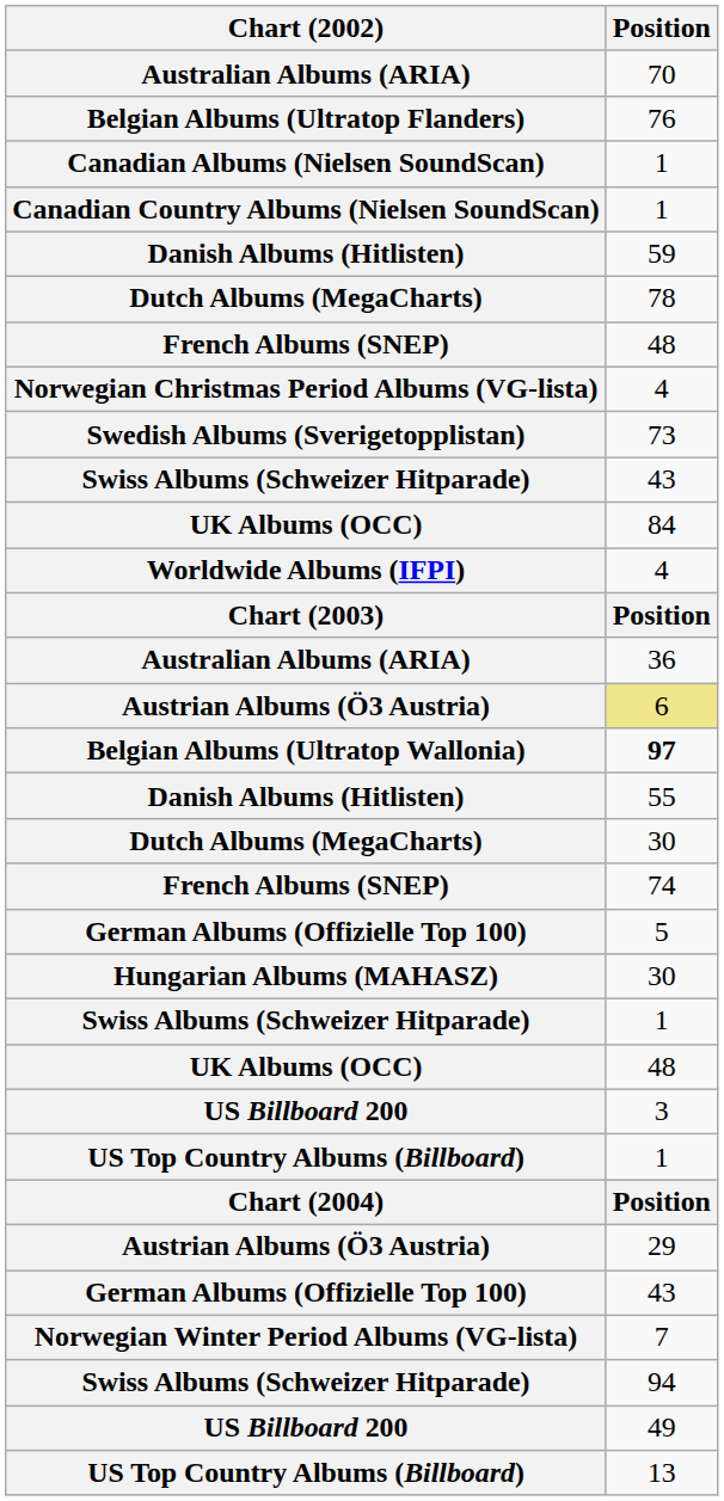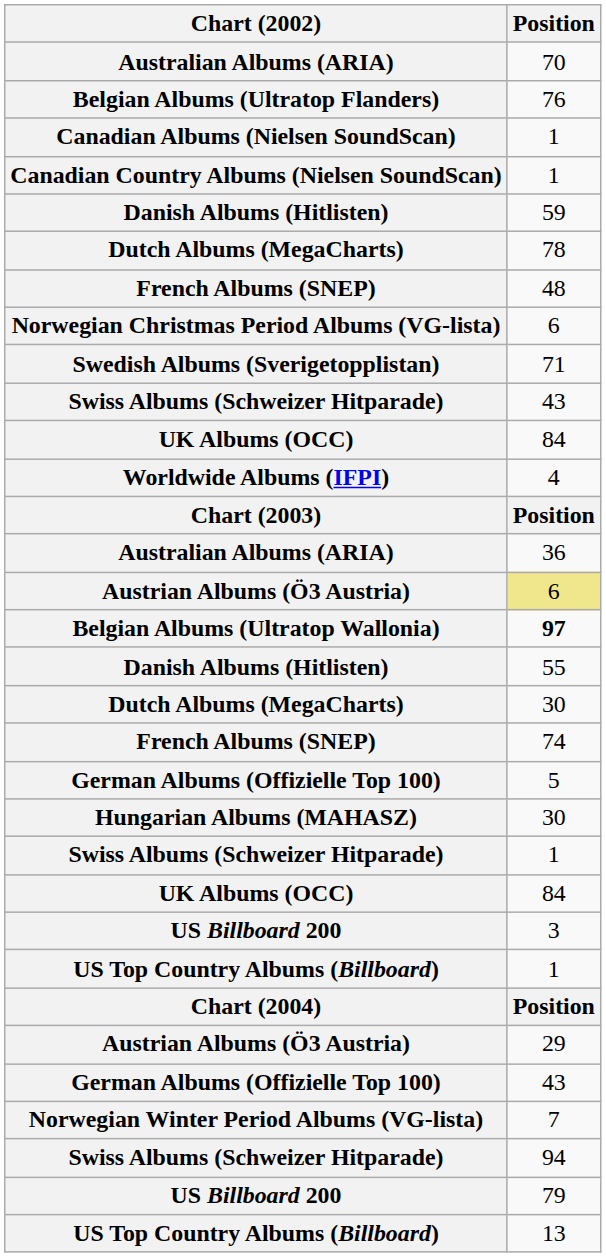 <table class="wikitable sortable plainrowheaders" style="text-align:center">
 <tr>
 <th scope="col">Chart (2002)</th>
 <th scope="col">Position</th>
 </tr>
 <tr>
 <th scope="row">Australian Albums (ARIA)</th>
 <td>70</td>
 </tr>
 <tr>
 <th scope="row">Belgian Albums (Ultratop Flanders)</th>
 <td>76</td>
 </tr>
 <tr>
 <th scope="row">Canadian Albums (Nielsen SoundScan)</th>
 <td>1</td>
 </tr>
 <tr>
 <th scope="row">Canadian Country Albums (Nielsen SoundScan)</th>
 <td>1</td>
 </tr>
 <tr>
 <th scope="row">Danish Albums (Hitlisten)</th>
 <td>59</td>
 </tr>
 <tr>
 <th scope="row">Dutch Albums (MegaCharts)</th>
 <td>78</td>
 </tr>
 <tr>
 <th scope="row">French Albums (SNEP)</th>
 <td>48</td>
 </tr>
 <tr>
 <th scope="row">Norwegian Christmas Period Albums (VG-lista)</th>
-<td>4</td>
+<td>6</td>
 </tr>
 <tr>
 <th scope="row">Swedish Albums (Sverigetopplistan)</th>
-<td>73</td>
+<td>71</td>
 </tr>
 <tr>
 <th scope="row">Swiss Albums (Schweizer Hitparade)</th>
 <td>43</td>
 </tr>
 <tr>
 <th scope="row">UK Albums (OCC)</th>
 <td>84</td>
 </tr>
 <tr>
 <th scope="row">Worldwide Albums (<a href='#'>IFPI</a>)</th>
 <td>4</td>
 </tr>
 <tr>
 <th scope="col">Chart (2003)</th>
 <th scope="col">Position</th>
 </tr>
 <tr>
 <th scope="row">Australian Albums (ARIA)</th>
 <td>36</td>
 </tr>
 <tr>
 <th scope="row">Austrian Albums (Ö3 Austria)</th>
 <td style="background: khaki;">6</td>
 </tr>
 <tr>
 <th scope="row">Belgian Albums (Ultratop Wallonia)</th>
 <td><strong>97</strong></td>
 </tr>
 <tr>
 <th scope="row">Danish Albums (Hitlisten)</th>
 <td>55</td>
 </tr>
 <tr>
 <th scope="row">Dutch Albums (MegaCharts)</th>
 <td>30</td>
 </tr>
 <tr>
 <th scope="row">French Albums (SNEP)</th>
 <td>74</td>
 </tr>
 <tr>
 <th scope="row">German Albums (Offizielle Top 100)</th>
 <td>5</td>
 </tr>
 <tr>
 <th scope="row">Hungarian Albums (MAHASZ)</th>
 <td>30</td>
 </tr>
 <tr>
 <th scope="row">Swiss Albums (Schweizer Hitparade)</th>
 <td>1</td>
 </tr>
 <tr>
 <th scope="row">UK Albums (OCC)</th>
-<td>48</td>
+<td>84</td>
 </tr>
 <tr>
 <th scope="row">US <em>Billboard</em> 200</th>
 <td>3</td>
 </tr>
 <tr>
 <th scope="row">US Top Country Albums (<em>Billboard</em>)</th>
 <td>1</td>
 </tr>
 <tr>
 <th scope="col">Chart (2004)</th>
 <th scope="col">Position</th>
 </tr>
 <tr>
 <th scope="row">Austrian Albums (Ö3 Austria)</th>
 <td>29</td>
 </tr>
 <tr>
 <th scope="row">German Albums (Offizielle Top 100)</th>
 <td>43</td>
 </tr>
 <tr>
 <th scope="row">Norwegian Winter Period Albums (VG-lista)</th>
 <td>7</td>
 </tr>
 <tr>
 <th scope="row">Swiss Albums (Schweizer Hitparade)</th>
 <td>94</td>
 </tr>
 <tr>
 <th scope="row">US <em>Billboard</em> 200</th>
-<td>49</td>
+<td>79</td>
 </tr>
 <tr>
 <th scope="row">US Top Country Albums (<em>Billboard</em>)</th>
 <td>13</td>
 </tr>
 </table>
